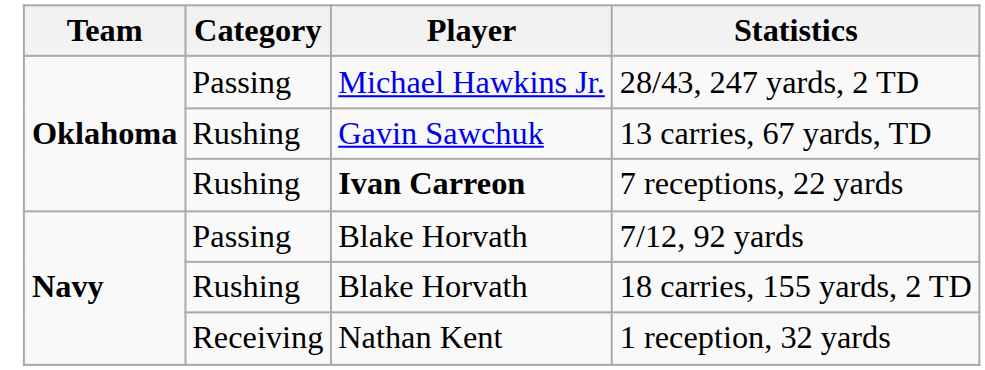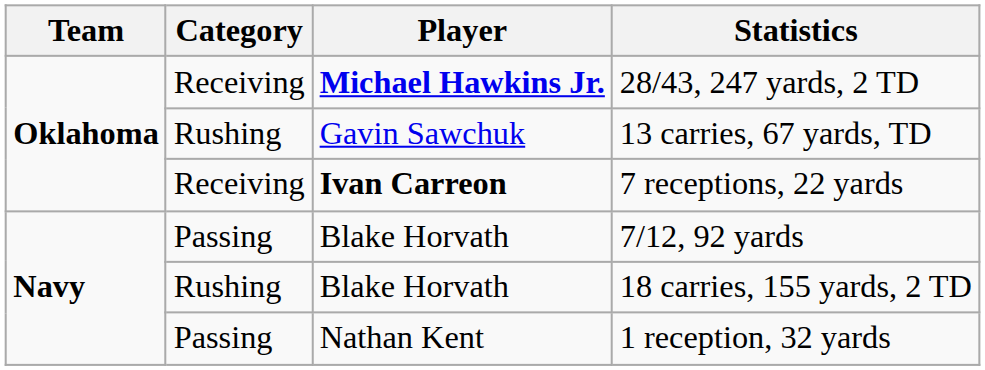 <table class="wikitable" style="float: right;">
 <tr>
 <th>Team</th>
 <th>Category</th>
 <th>Player</th>
 <th>Statistics</th>
 </tr>
 <tr>
 <td rowspan=3><strong>Oklahoma  </strong></td>
-<td>Passing</td>
-<td><a href='#'>Michael Hawkins Jr.</a></td>
+<td>Receiving</td>
+<td><strong><a href='#'>Michael Hawkins Jr.</a></strong></td>
 <td>28/43, 247 yards, 2 TD</td>
 </tr>
 <tr>
 <td>Rushing</td>
 <td><a href='#'>Gavin Sawchuk</a></td>
 <td>13 carries, 67 yards, TD</td>
 </tr>
 <tr>
-<td>Rushing</td>
+<td>Receiving</td>
 <td><strong>Ivan Carreon</strong></td>
 <td>7 receptions, 22 yards</td>
 </tr>
 <tr>
 <td rowspan=3><strong>Navy</strong></td>
 <td>Passing</td>
 <td>Blake Horvath</td>
 <td>7/12, 92 yards</td>
 </tr>
 <tr>
 <td>Rushing</td>
 <td>Blake Horvath</td>
 <td>18 carries, 155 yards, 2 TD</td>
 </tr>
 <tr>
-<td>Receiving</td>
+<td>Passing</td>
 <td>Nathan Kent</td>
 <td>1 reception, 32 yards</td>
 </tr>
 </table>
